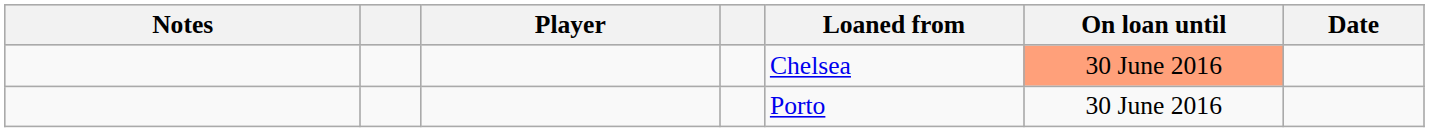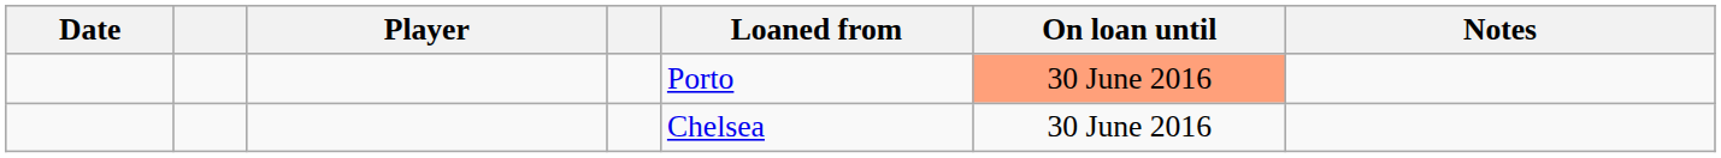 <table class="wikitable sortable">
 <tr>
-<th style="width:215px;" class="unsortable">Notes</th>
+<th style="width:80px;">Date</th>
 <th style="width:30px;"></th>
 <th style="width:180px;">Player</th>
 <th style="width:20px;"></th>
 <th style="width:155px;">Loaned from</th>
 <th style="width:155px;" class="unsortable">On loan until</th>
-<th style="width:80px;">Date</th>
+<th style="width:215px;" class="unsortable">Notes</th>
 </tr>
 <tr>
+<td></td>
 <td align=center></td>
+<td> </td>
+<td></td>
+<td> <a href='#'>Porto</a></td>
+<td align=center style="background: lightsalmon;">30 June 2016</td>
+<td align=center></td>
+</tr>
+<tr>
+<td></td>
 <td align=center></td>
 <td> </td>
 <td></td>
 <td> <a href='#'>Chelsea</a></td>
-<td align=center style="background: lightsalmon;">30 June 2016</td>
-<td></td>
-</tr>
-<tr>
+<td align=center>30 June 2016</td>
 <td align=center></td>
-<td align=center></td>
-<td> </td>
-<td></td>
-<td> <a href='#'>Porto</a></td>
-<td align=center>30 June 2016</td>
-<td></td>
 </tr>
 </table>
